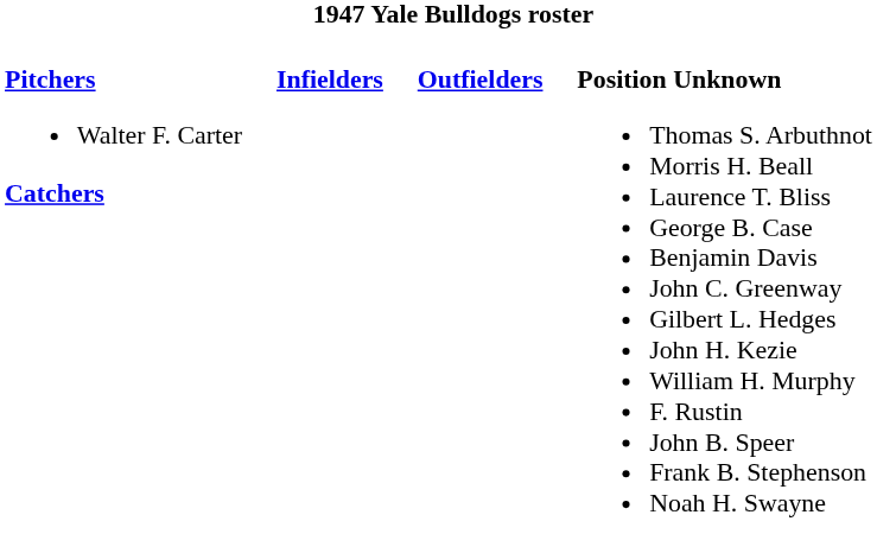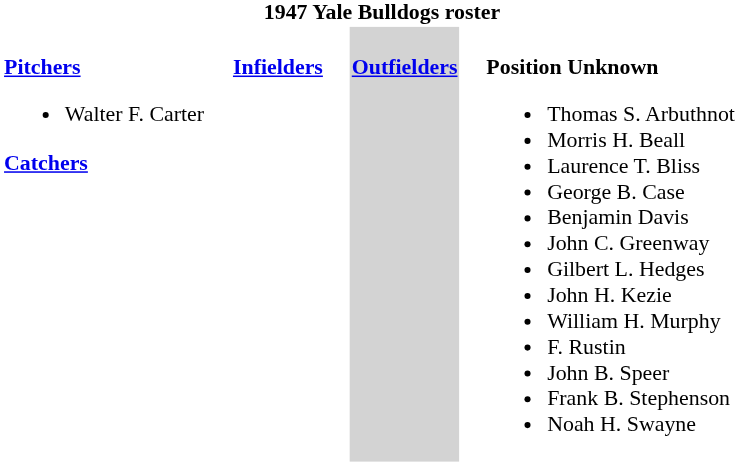 <table class="toccolours" style="border-collapse:collapse; font-size:90%;">
 <tr>
 <th colspan=9>1947 Yale Bulldogs roster</th>
 </tr>
 <tr>
 <td width="03"> </td>
 <td valign="top"><br><strong><a href='#'>Pitchers</a></strong><ul><li>Walter F. Carter</li></ul><strong><a href='#'>Catchers</a></strong></td>
 <td width="15"> </td>
 <td valign="top"><br><strong><a href='#'>Infielders</a></strong></td>
 <td width="15"> </td>
-<td valign="top"><br><strong><a href='#'>Outfielders</a></strong></td>
+<td valign="top" style="background: lightgrey;"><br><strong><a href='#'>Outfielders</a></strong></td>
 <td width="15"> </td>
 <td valign="top"><br><strong>Position Unknown</strong><ul><li>Thomas S. Arbuthnot</li><li>Morris H. Beall</li><li>Laurence T. Bliss</li><li>George B. Case</li><li>Benjamin Davis</li><li>John C. Greenway</li><li>Gilbert L. Hedges</li><li>John H. Kezie</li><li>William H. Murphy</li><li>F. Rustin</li><li>John B. Speer</li><li>Frank B. Stephenson</li><li>Noah H. Swayne</li></ul></td>
 <td width="20"> </td>
 </tr>
 </table>
